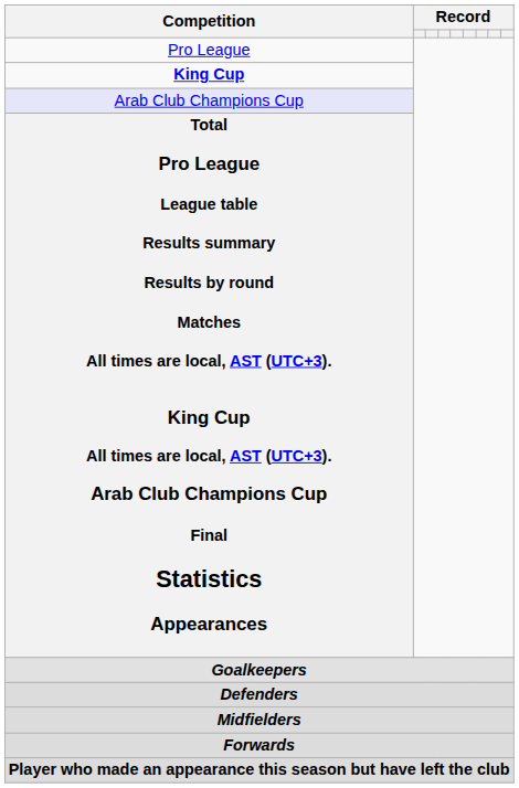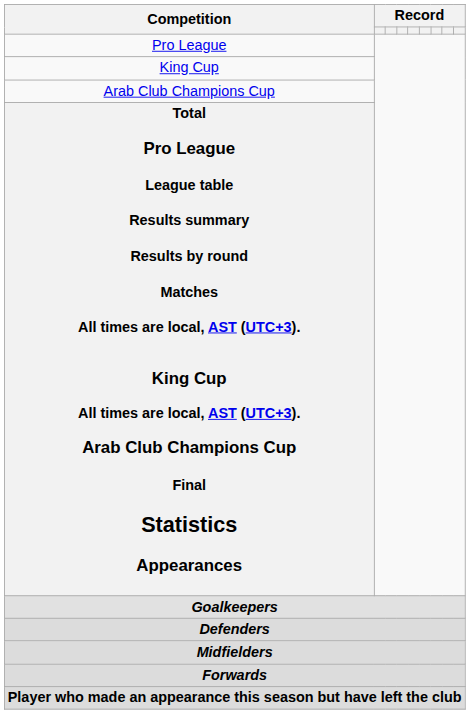 <table class="wikitable" style="text-align: center">
 <tr>
 <th rowspan=2>Competition</th>
 <th colspan=8>Record</th>
 </tr>
 <tr>
 <th></th>
 <th></th>
 <th></th>
 <th></th>
 <th></th>
 <th></th>
 <th></th>
 <th></th>
 </tr>
 <tr>
 <td><a href='#'>Pro League</a><br></td>
 </tr>
 <tr>
-<td><strong><a href='#'>King Cup</a><br></strong></td>
+<td><a href='#'>King Cup</a><br></td>
 </tr>
 <tr>
-<td style="background: lavender;"><a href='#'>Arab Club Champions Cup</a><br></td>
+<td><a href='#'>Arab Club Champions Cup</a><br></td>
 </tr>
 <tr>
 <th>Total<br> <h3>Pro League</h3><h4>League table</h4><h4>Results summary</h4> <h4>Results by round</h4><h4>Matches</h4>All times are local, <a href='#'>AST</a> (<a href='#'>UTC+3</a>).<br>   <br>                             <h3>King Cup</h3> All times are local, <a href='#'>AST</a> (<a href='#'>UTC+3</a>).<br>  <h3>Arab Club Champions Cup</h3><h4>Final</h4> <h2>Statistics</h2><h3>Appearances</h3></th>
 </tr>
 <tr>
 <th colspan=18 style=background:#dcdcdcdc; text-align:center><em>Goalkeepers</em><br>   </th>
 </tr>
 <tr>
 <th colspan=16 style=background:#dcdcdc; text-align:center><em>Defenders</em><br>        </th>
 </tr>
 <tr>
 <th colspan=16 style=background:#dcdcdc; text-align:center><em>Midfielders</em><br>          </th>
 </tr>
 <tr>
 <th colspan=16 style=background:#dcdcdc; text-align:center><em>Forwards</em><br>  </th>
 </tr>
 <tr>
 <th colspan=18 style=background:#dcdcdc; text-align:center>Player who made an appearance this season but have left the club<br>     </th>
 </tr>
 </table>
